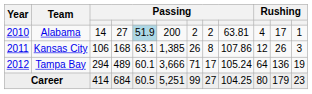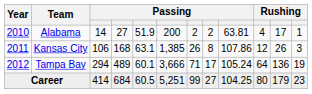 <table class="wikitable sortable" style="text-align:center">
 <tr>
 <th rowspan=2>Year</th>
 <th rowspan=2>Team</th>
 <th colspan=7>Passing</th>
 <th colspan=3>Rushing</th>
 </tr>
 <tr>
 <th></th>
 <th></th>
 <th></th>
 <th></th>
 <th></th>
 <th></th>
 <th></th>
 <th></th>
 <th></th>
 <th></th>
 </tr>
 <tr>
 <td><a href='#'>2010</a></td>
 <td><a href='#'>Alabama</a></td>
 <td>14</td>
 <td>27</td>
-<td style="background: lightblue;">51.9</td>
+<td>51.9</td>
 <td>200</td>
 <td>2</td>
 <td>2</td>
 <td>63.81</td>
 <td>4</td>
 <td>17</td>
 <td>1</td>
 </tr>
 <tr>
 <td><a href='#'>2011</a></td>
 <td><a href='#'>Kansas City</a></td>
 <td>106</td>
 <td>168</td>
 <td>63.1</td>
 <td>1,385</td>
 <td>26</td>
 <td>8</td>
 <td>107.86</td>
 <td>12</td>
 <td>26</td>
 <td>3</td>
 </tr>
 <tr>
 <td><a href='#'>2012</a></td>
 <td><a href='#'>Tampa Bay</a></td>
 <td>294</td>
 <td>489</td>
 <td>60.1</td>
 <td>3,666</td>
 <td>71</td>
 <td>17</td>
 <td>105.24</td>
 <td>64</td>
 <td>136</td>
 <td>19</td>
 </tr>
 <tr class="sortbottom" style="background:#eee;">
 <td colspan=2><strong>Career</strong></td>
 <td>414</td>
 <td>684</td>
 <td>60.5</td>
 <td>5,251</td>
 <td>99</td>
 <td>27</td>
 <td>104.25</td>
 <td>80</td>
 <td>179</td>
 <td>23</td>
 </tr>
 </table>
